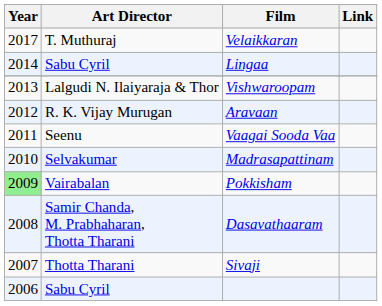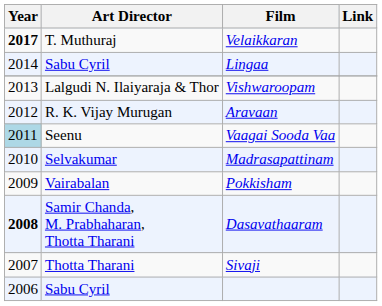 <table class="wikitable">
 <tr style="background:#d1e4fd;">
 <th>Year</th>
 <th>Art Director</th>
 <th>Film</th>
 <th>Link</th>
 </tr>
 <tr>
-<td>2017</td>
+<td><strong>2017</strong></td>
 <td>T. Muthuraj</td>
 <td><em><a href='#'>Velaikkaran</a></em></td>
 <td></td>
 </tr>
 <tr style="background:#edf3fe;">
 <td>2014</td>
 <td><a href='#'>Sabu Cyril</a></td>
 <td><em><a href='#'>Lingaa</a></em></td>
 <td></td>
 </tr>
 <tr style="background:#edf3fe;">
 </tr>
 <tr>
 <td>2013</td>
 <td>Lalgudi N. Ilaiyaraja & Thor</td>
 <td><em><a href='#'>Vishwaroopam</a></em></td>
 <td></td>
 </tr>
 <tr style="background:#edf3fe;">
 <td>2012</td>
 <td>R. K. Vijay Murugan</td>
 <td><em><a href='#'>Aravaan</a></em></td>
 <td></td>
 </tr>
 <tr>
-<td>2011</td>
+<td style="background: lightblue;">2011</td>
 <td>Seenu</td>
 <td><em><a href='#'>Vaagai Sooda Vaa</a></em></td>
 <td></td>
 </tr>
 <tr style="background:#edf3fe;">
 <td>2010</td>
 <td><a href='#'>Selvakumar</a></td>
 <td><em><a href='#'>Madrasapattinam</a></em></td>
 <td></td>
 </tr>
 <tr>
-<td style="background: lightgreen;">2009</td>
+<td>2009</td>
 <td><a href='#'>Vairabalan</a></td>
 <td><em><a href='#'>Pokkisham</a></em></td>
 <td></td>
 </tr>
 <tr style="background:#edf3fe;">
-<td>2008</td>
+<td><strong>2008</strong></td>
 <td><a href='#'>Samir Chanda</a>,<br> <a href='#'>M. Prabhaharan</a>,<br><a href='#'>Thotta Tharani</a></td>
 <td><em><a href='#'>Dasavathaaram</a></em></td>
 <td></td>
 </tr>
 <tr>
 <td>2007</td>
 <td><a href='#'>Thotta Tharani</a></td>
 <td><em><a href='#'>Sivaji</a></em></td>
 <td></td>
 </tr>
 <tr style="background:#edf3fe;">
 <td>2006</td>
 <td><a href='#'>Sabu Cyril</a></td>
 <td></td>
 <td></td>
 </tr>
 </table>
